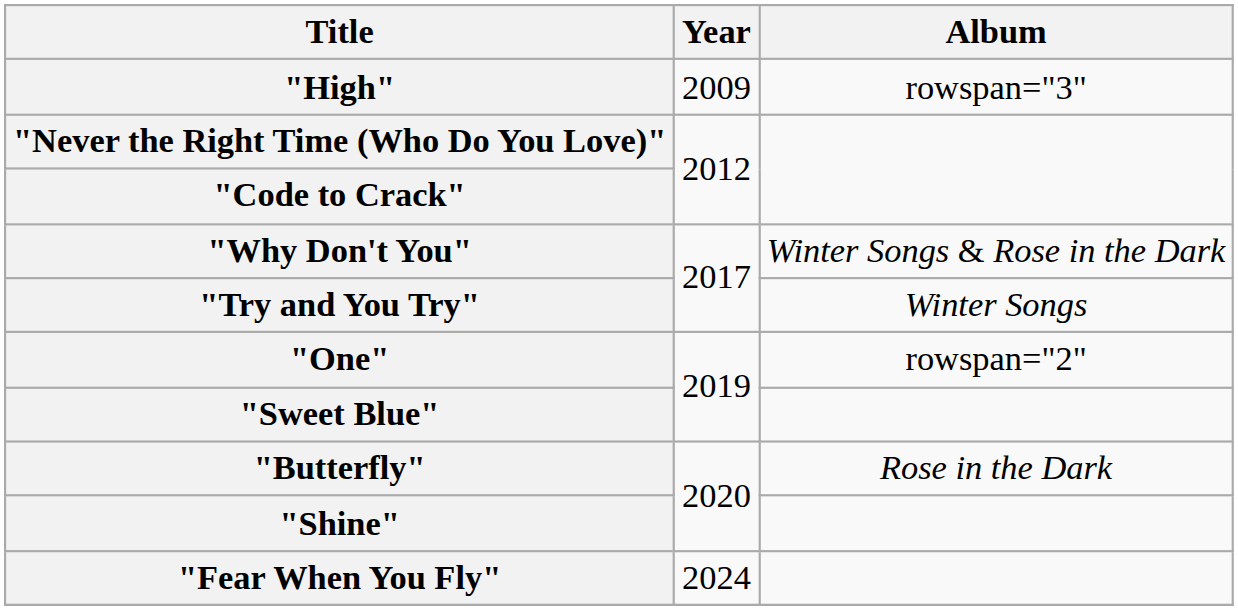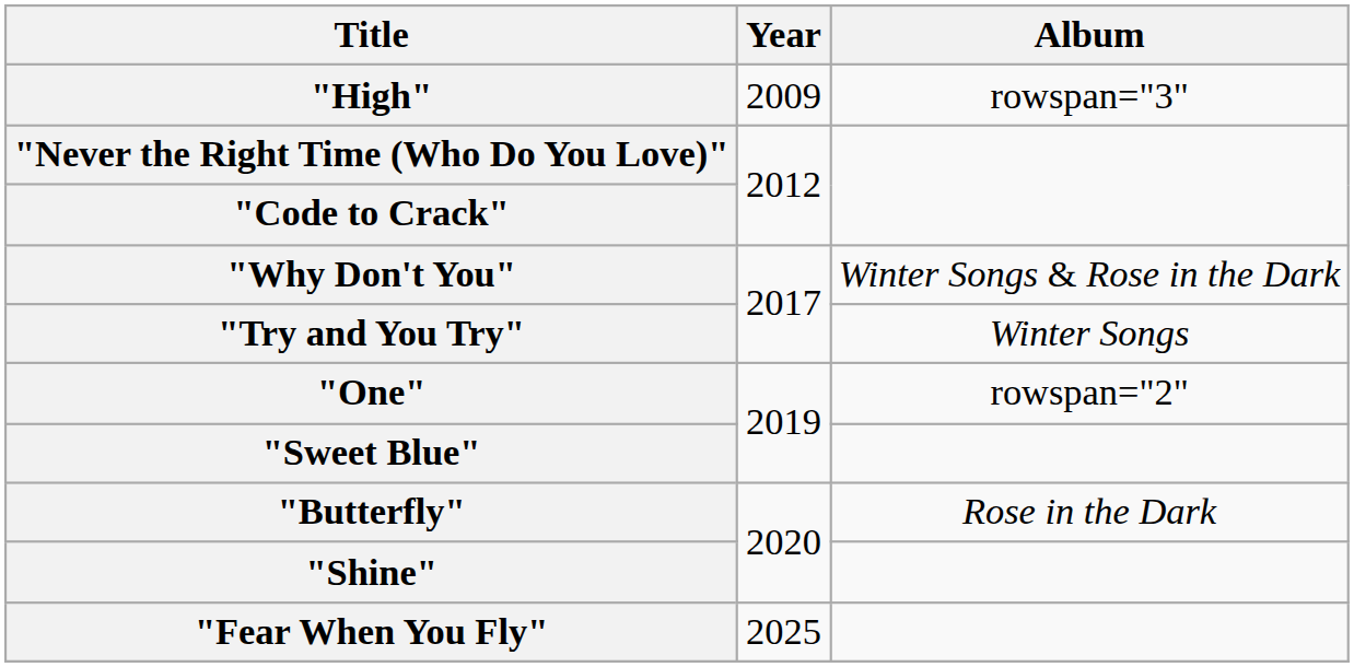 <table class="wikitable plainrowheaders" style="text-align:center;">
 <tr>
 <th scope="col">Title</th>
 <th scope="col">Year</th>
 <th scope="col">Album</th>
 </tr>
 <tr>
 <th scope="row">"High"<br></th>
 <td>2009</td>
 <td>rowspan="3" </td>
 </tr>
 <tr>
 <th scope="row">"Never the Right Time (Who Do You Love)"</th>
 <td rowspan="2">2012</td>
 </tr>
 <tr>
 <th scope="row">"Code to Crack"<br></th>
 </tr>
 <tr>
 <th scope="row">"Why Don't You"</th>
 <td rowspan="2">2017</td>
 <td><em>Winter Songs</em> & <em>Rose in the Dark</em></td>
 </tr>
 <tr>
 <th scope="row">"Try and You Try"</th>
 <td><em>Winter Songs</em></td>
 </tr>
 <tr>
 <th scope="row">"One"</th>
 <td rowspan="2">2019</td>
 <td>rowspan="2" </td>
 </tr>
 <tr>
 <th scope="row">"Sweet Blue"</th>
 </tr>
 <tr>
 <th scope="row">"Butterfly"</th>
 <td rowspan="2">2020</td>
 <td><em>Rose in the Dark</em></td>
 </tr>
 <tr>
 <th scope="row">"Shine"</th>
 <td></td>
 </tr>
 <tr>
 <th scope="row">"Fear When You Fly"</th>
-<td>2024</td>
+<td>2025</td>
 <td></td>
 </tr>
 <tr>
 </tr>
 </table>
